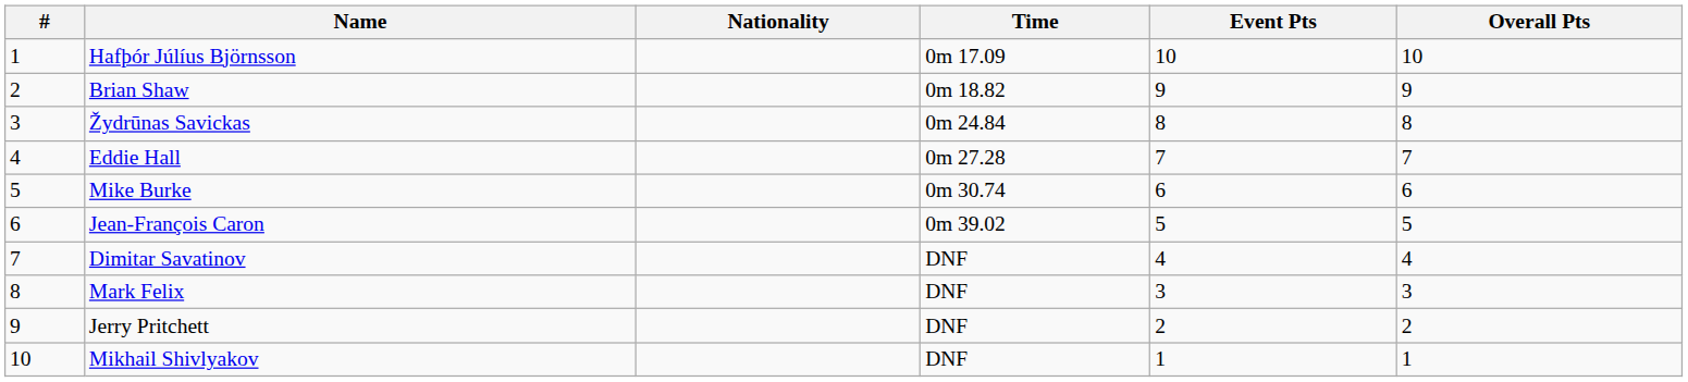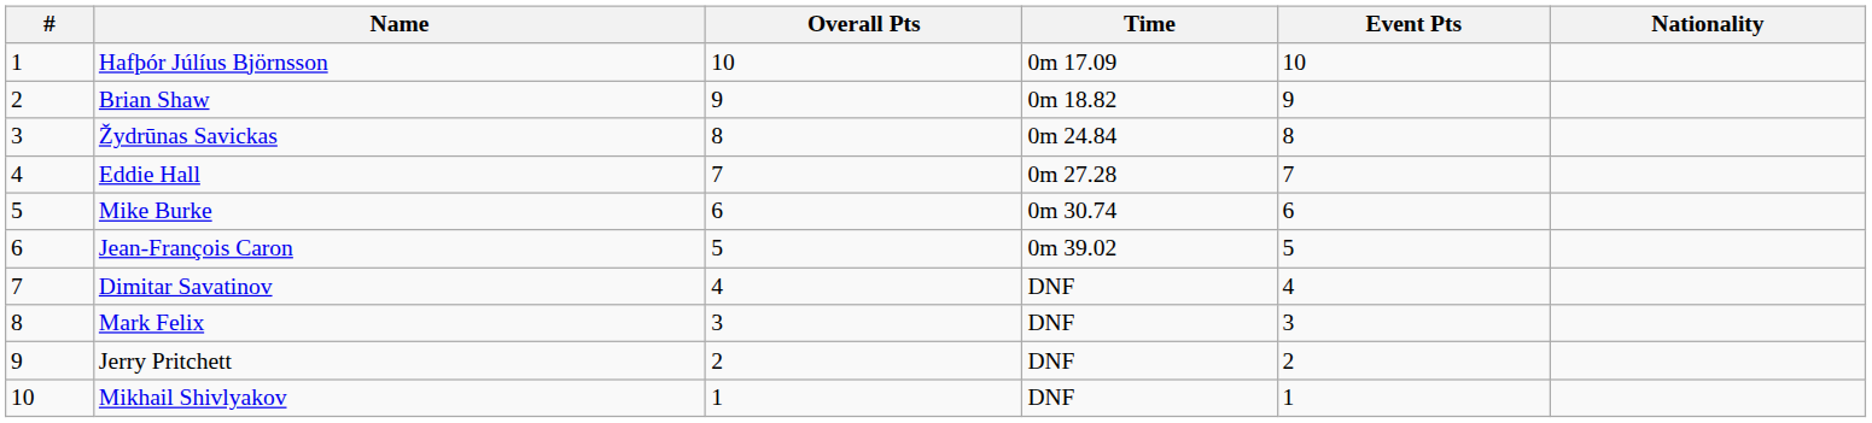 <table class="wikitable sortable" style="display: inline-table; width: 100%;">
 <tr>
 <th>#</th>
 <th>Name</th>
-<th>Nationality</th>
+<th>Overall Pts</th>
 <th>Time</th>
 <th>Event Pts</th>
-<th>Overall Pts</th>
+<th>Nationality</th>
 </tr>
 <tr>
 <td>1</td>
 <td><a href='#'>Hafþór Júlíus Björnsson</a></td>
-<td></td>
+<td>10</td>
 <td>0m 17.09</td>
 <td>10</td>
-<td>10</td>
+<td></td>
 </tr>
 <tr>
 <td>2</td>
 <td><a href='#'>Brian Shaw</a></td>
-<td></td>
+<td>9</td>
 <td>0m 18.82</td>
 <td>9</td>
-<td>9</td>
+<td></td>
 </tr>
 <tr>
 <td>3</td>
 <td><a href='#'>Žydrūnas Savickas</a></td>
-<td></td>
+<td>8</td>
 <td>0m 24.84</td>
 <td>8</td>
-<td>8</td>
+<td></td>
 </tr>
 <tr>
 <td>4</td>
 <td><a href='#'>Eddie Hall</a></td>
-<td></td>
+<td>7</td>
 <td>0m 27.28</td>
 <td>7</td>
-<td>7</td>
+<td></td>
 </tr>
 <tr>
 <td>5</td>
 <td><a href='#'>Mike Burke</a></td>
-<td></td>
+<td>6</td>
 <td>0m 30.74</td>
 <td>6</td>
-<td>6</td>
+<td></td>
 </tr>
 <tr>
 <td>6</td>
 <td><a href='#'>Jean-François Caron</a></td>
-<td></td>
+<td>5</td>
 <td>0m 39.02</td>
 <td>5</td>
-<td>5</td>
+<td></td>
 </tr>
 <tr>
 <td>7</td>
 <td><a href='#'>Dimitar Savatinov</a></td>
-<td></td>
+<td>4</td>
 <td>DNF </td>
 <td>4</td>
-<td>4</td>
+<td></td>
 </tr>
 <tr>
 <td>8</td>
 <td><a href='#'>Mark Felix</a></td>
-<td></td>
+<td>3</td>
 <td>DNF </td>
 <td>3</td>
-<td>3</td>
+<td></td>
 </tr>
 <tr>
 <td>9</td>
 <td>Jerry Pritchett</td>
-<td></td>
+<td>2</td>
 <td>DNF </td>
 <td>2</td>
-<td>2</td>
+<td></td>
 </tr>
 <tr>
 <td>10</td>
 <td><a href='#'>Mikhail Shivlyakov</a></td>
-<td></td>
+<td>1</td>
 <td>DNF </td>
 <td>1</td>
-<td>1</td>
+<td></td>
 </tr>
 </table>
